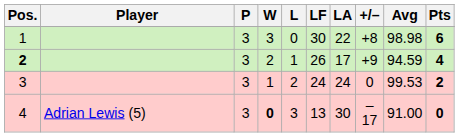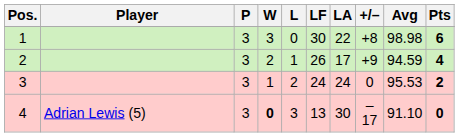 <table class="wikitable" style="text-align:center; margin: 1em auto 1em auto, align:left">
 <tr>
 <th width=20>Pos.</th>
 <th width=212>Player</th>
 <th width=20>P</th>
 <th width=20>W</th>
 <th width=20>L</th>
 <th width=20>LF</th>
 <th width=20>LA</th>
 <th width=25>+/–</th>
 <th width=25>Avg</th>
 <th width=20>Pts</th>
 </tr>
 <tr>
 </tr>
 <tr style="background:#D0F0C0;">
 <td>1</td>
 <td align=left></td>
 <td>3</td>
 <td>3</td>
 <td>0</td>
 <td>30</td>
 <td>22</td>
 <td>+8</td>
 <td>98.98</td>
 <td><strong>6</strong></td>
 </tr>
 <tr style="background:#D0F0C0;">
-<td><strong>2</strong></td>
+<td>2</td>
 <td align=left></td>
 <td>3</td>
 <td>2</td>
 <td>1</td>
 <td>26</td>
 <td>17</td>
 <td>+9</td>
 <td>94.59</td>
 <td><strong>4</strong></td>
 </tr>
 <tr style="background:#FFCCCC;">
 <td>3</td>
 <td align=left></td>
 <td>3</td>
 <td>1</td>
 <td>2</td>
 <td>24</td>
 <td>24</td>
 <td>0</td>
-<td>99.53</td>
+<td>95.53</td>
 <td><strong>2</strong></td>
 </tr>
 <tr style="background:#FFCCCC;">
 <td>4</td>
 <td align=left> <a href='#'>Adrian Lewis</a> (5)</td>
 <td>3</td>
 <td><strong>0</strong></td>
 <td>3</td>
 <td>13</td>
 <td>30</td>
 <td>–17</td>
-<td>91.00</td>
+<td>91.10</td>
 <td><strong>0</strong></td>
 </tr>
 </table>
